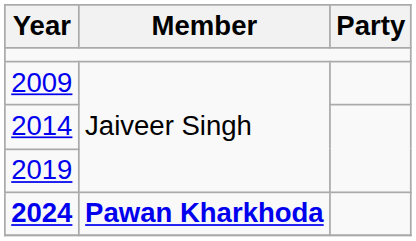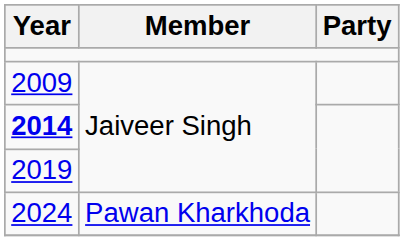 <table class="wikitable">
 <tr>
 <th>Year</th>
 <th>Member</th>
 <th colspan="2">Party</th>
 </tr>
 <tr>
 <td colspan="4"></td>
 </tr>
 <tr>
 <td><a href='#'>2009</a></td>
 <td rowspan="3">Jaiveer Singh</td>
 <td></td>
 </tr>
 <tr>
-<td><a href='#'>2014</a></td>
+<td><strong><a href='#'>2014</a></strong></td>
 </tr>
 <tr>
 <td><a href='#'>2019</a></td>
 </tr>
 <tr>
-<td><strong><a href='#'>2024</a></strong></td>
-<td><strong><a href='#'>Pawan Kharkhoda</a></strong></td>
+<td><a href='#'>2024</a></td>
+<td><a href='#'>Pawan Kharkhoda</a></td>
 <td></td>
 </tr>
 <tr>
 </tr>
 </table>
